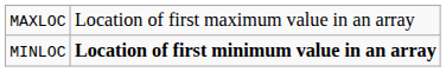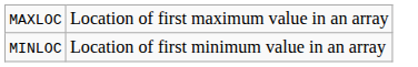 <table class=wikitable>
 <tr>
 <td><code>MAXLOC</code></td>
 <td>Location of first maximum value in an array</td>
 </tr>
 <tr>
 <td><code>MINLOC</code></td>
-<td><strong>Location of first minimum value in an array</strong></td>
+<td>Location of first minimum value in an array</td>
 </tr>
 </table>
